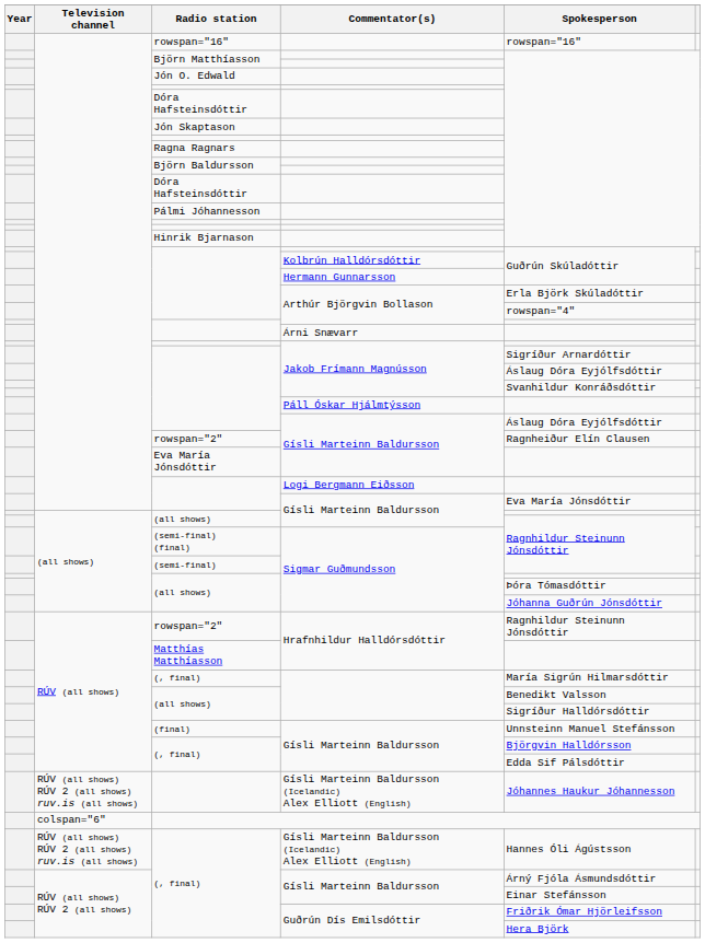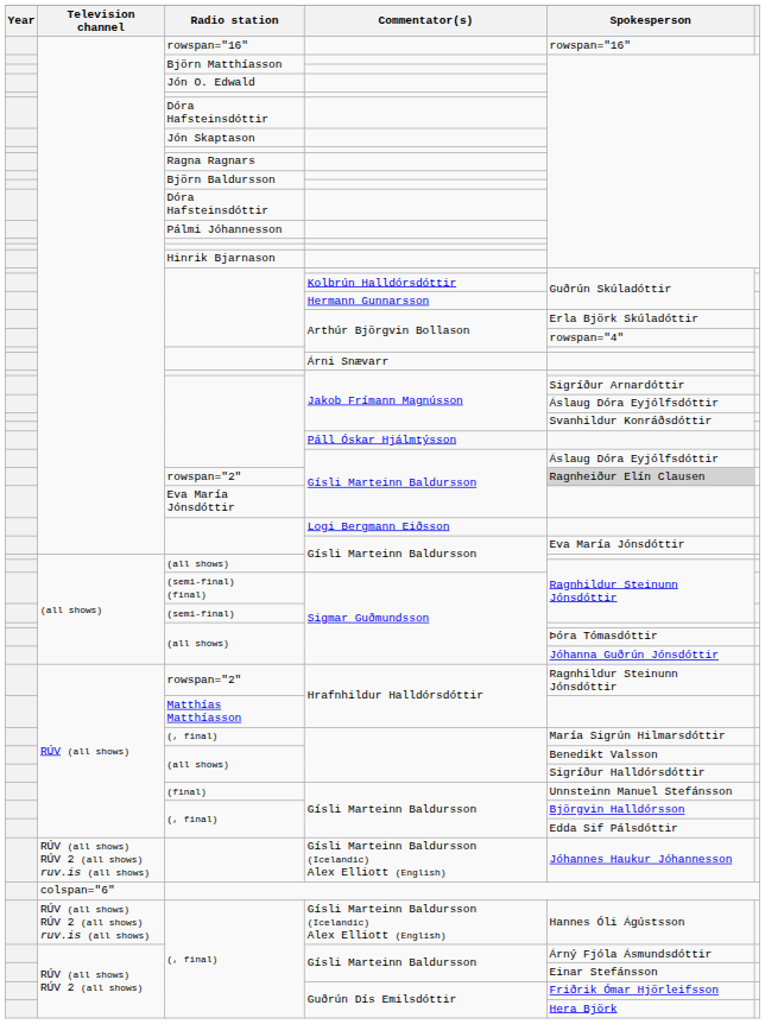 <table class="wikitable plainrowheaders sticky-header" text-align:left;">
 <tr>
 </tr>
 <tr>
 <th>Year</th>
 <th>Television channel</th>
 <th>Radio station</th>
 <th>Commentator(s)</th>
 <th>Spokesperson</th>
 <th></th>
 </tr>
 <tr>
 <th scope="row"></th>
 <td rowspan="34"></td>
 <td>rowspan="16" </td>
 <td></td>
 <td>rowspan="16" </td>
 <td style="text-align:center;"></td>
 </tr>
 <tr>
 <th scope="row"></th>
 <td rowspan="2">Björn Matthíasson</td>
 <td style="text-align:center;"></td>
 </tr>
 <tr>
 <th scope="row"></th>
 <td style="text-align:center;"></td>
 </tr>
 <tr>
 <th scope="row"></th>
 <td>Jón O. Edwald</td>
 <td style="text-align:center"></td>
 </tr>
 <tr>
 <th scope="row"></th>
 <td></td>
 <td style="text-align:center;"></td>
 </tr>
 <tr>
 <th scope="row"></th>
 <td>Dóra Hafsteinsdóttir</td>
 <td style="text-align:center;"></td>
 </tr>
 <tr>
 <th scope="row"></th>
 <td>Jón Skaptason</td>
 <td style="text-align:center;"></td>
 </tr>
 <tr>
 <th scope="row"></th>
 <td></td>
 <td style="text-align:center;"></td>
 </tr>
 <tr>
 <th scope="row"></th>
 <td>Ragna Ragnars</td>
 <td style="text-align:center;"></td>
 </tr>
 <tr>
 <th scope="row"></th>
 <td rowspan="2">Björn Baldursson</td>
 <td style="text-align:center;"></td>
 </tr>
 <tr>
 <th scope="row"></th>
 <td style="text-align:center;"></td>
 </tr>
 <tr>
 <th scope="row"></th>
 <td>Dóra Hafsteinsdóttir</td>
 <td style="text-align:center"></td>
 </tr>
 <tr>
 <th scope="row"></th>
 <td>Pálmi Jóhannesson</td>
 <td style="text-align:center"></td>
 </tr>
 <tr>
 <th scope="row"></th>
 <td></td>
 <td style="text-align:center;"></td>
 </tr>
 <tr>
 <th scope="row"></th>
 <td></td>
 <td style="text-align:center"></td>
 </tr>
 <tr>
 <th scope="row"></th>
 <td>Hinrik Bjarnason</td>
 <td style="text-align:center"></td>
 </tr>
 <tr>
 <th scope="row"></th>
 <td rowspan="5"></td>
 <td></td>
 <td rowspan="3">Guðrún Skúladóttir</td>
 <td style="text-align:center"></td>
 </tr>
 <tr>
 <th scope="row"></th>
 <td><a href='#'>Kolbrún Halldórsdóttir</a></td>
 <td style="text-align:center;"></td>
 </tr>
 <tr>
 <th scope="row"></th>
 <td><a href='#'>Hermann Gunnarsson</a></td>
 <td style="text-align:center"></td>
 </tr>
 <tr>
 <th scope="row"></th>
 <td rowspan="3">Arthúr Björgvin Bollason</td>
 <td>Erla Björk Skúladóttir</td>
 <td style="text-align:center;"></td>
 </tr>
 <tr>
 <th scope="row"></th>
 <td>rowspan="4" </td>
 <td style="text-align:center"></td>
 </tr>
 <tr>
 <th scope="row"></th>
 <td rowspan="2"></td>
 <td style="text-align:center"></td>
 </tr>
 <tr>
 <th scope="row"></th>
 <td>Árni Snævarr</td>
 <td style="text-align:center"></td>
 </tr>
 <tr>
 <th scope="row"></th>
 <td></td>
 <td rowspan="5"><a href='#'>Jakob Frímann Magnússon</a></td>
 <td style="text-align:center"></td>
 </tr>
 <tr>
 <th scope="row"></th>
 <td rowspan="6"></td>
 <td>Sigríður Arnardóttir</td>
 <td style="text-align:center"></td>
 </tr>
 <tr>
 <th scope="row"></th>
 <td>Áslaug Dóra Eyjólfsdóttir</td>
 <td style="text-align:center"></td>
 </tr>
 <tr>
 <th scope="row"></th>
 <td rowspan="2">Svanhildur Konráðsdóttir</td>
 <td style="text-align:center;"></td>
 </tr>
 <tr>
 <th scope="row"></th>
 <td style="text-align:center;"></td>
 </tr>
 <tr>
 <th scope="row"></th>
 <td><a href='#'>Páll Óskar Hjálmtýsson</a></td>
 <td></td>
 <td style="text-align:center;"></td>
 </tr>
 <tr>
 <th scope="row"></th>
 <td rowspan="3"><a href='#'>Gísli Marteinn Baldursson</a></td>
 <td>Áslaug Dóra Eyjólfsdóttir</td>
 <td style="text-align:center;"></td>
 </tr>
 <tr>
 <th scope="row"></th>
 <td>rowspan="2" </td>
-<td>Ragnheiður Elín Clausen</td>
+<td style="background: lightgrey;">Ragnheiður Elín Clausen</td>
 <td style="text-align:center;"></td>
 </tr>
 <tr>
 <th scope="row"></th>
 <td>Eva María Jónsdóttir</td>
 <td style="text-align:center;"></td>
 </tr>
 <tr>
 <th scope="row"></th>
 <td rowspan="2"></td>
 <td><a href='#'>Logi Bergmann Eiðsson</a></td>
 <td></td>
 <td style="text-align:center;"></td>
 </tr>
 <tr>
 <th scope="row"></th>
 <td rowspan="3">Gísli Marteinn Baldursson</td>
 <td>Eva María Jónsdóttir</td>
 <td style="text-align:center;"></td>
 </tr>
 <tr>
 <th scope="row"></th>
 <td rowspan="7"> <small>(all shows)</small></td>
 <td rowspan="2"> <small>(all shows)</small></td>
 <td></td>
 <td style="text-align:center;"></td>
 </tr>
 <tr>
 <th scope="row"></th>
 <td rowspan="3"><a href='#'>Ragnhildur Steinunn Jónsdóttir</a></td>
 <td style="text-align:center;"></td>
 </tr>
 <tr>
 <th scope="row"></th>
 <td> <small>(semi-final)</small><br> <small>(final)</small></td>
 <td rowspan="5"><a href='#'>Sigmar Guðmundsson</a></td>
 <td style="text-align:center;"></td>
 </tr>
 <tr>
 <th scope="row"></th>
 <td> <small>(semi-final)</small></td>
 <td style="text-align:center;"></td>
 </tr>
 <tr>
 <th scope="row"></th>
 <td rowspan="3"> <small>(all shows)</small></td>
 <td></td>
 <td style="text-align:center;"></td>
 </tr>
 <tr>
 <th scope="row"></th>
 <td>Þóra Tómasdóttir</td>
 <td style="text-align:center;"></td>
 </tr>
 <tr>
 <th scope="row"></th>
 <td><a href='#'>Jóhanna Guðrún Jónsdóttir</a></td>
 <td style="text-align:center;"></td>
 </tr>
 <tr>
 <th scope="row"></th>
 <td rowspan="8"><a href='#'>RÚV</a> <small>(all shows)</small></td>
 <td>rowspan="2" </td>
 <td rowspan="2">Hrafnhildur Halldórsdóttir</td>
 <td>Ragnhildur Steinunn Jónsdóttir</td>
 <td style="text-align:center;"></td>
 </tr>
 <tr>
 <th scope="row"></th>
 <td><a href='#'>Matthías Matthíasson</a></td>
 <td style="text-align:center;"></td>
 </tr>
 <tr>
 <th scope="row"></th>
 <td> <small>(, final)</small></td>
 <td rowspan="3"></td>
 <td>María Sigrún Hilmarsdóttir</td>
 <td style="text-align:center;"></td>
 </tr>
 <tr>
 <th scope="row"></th>
 <td rowspan="2"> <small>(all shows)</small></td>
 <td>Benedikt Valsson</td>
 <td style="text-align:center;"></td>
 </tr>
 <tr>
 <th scope="row"></th>
 <td>Sigríður Halldórsdóttir</td>
 <td style="text-align:center;"></td>
 </tr>
 <tr>
 <th scope="row"></th>
 <td> <small>(final)</small></td>
 <td rowspan="3">Gísli Marteinn Baldursson</td>
 <td>Unnsteinn Manuel Stefánsson</td>
 <td style="text-align:center;"></td>
 </tr>
 <tr>
 <th scope="row"></th>
 <td rowspan="2"> <small>(, final)</small></td>
 <td><a href='#'>Björgvin Halldórsson</a></td>
 <td style="text-align:center;"></td>
 </tr>
 <tr>
 <th scope="row"></th>
 <td>Edda Sif Pálsdóttir</td>
 <td style="text-align:center;"></td>
 </tr>
 <tr>
 <th scope="row"></th>
 <td>RÚV <small>(all shows)</small><br>RÚV 2 <small>(all shows)</small><br><em>ruv.is</em> <small>(all shows)</small></td>
 <td></td>
 <td>Gísli Marteinn Baldursson <small>(Icelandic)</small><br>Alex Elliott <small>(English)</small></td>
 <td><a href='#'>Jóhannes Haukur Jóhannesson</a></td>
 <td style="text-align:center;"></td>
 </tr>
 <tr>
 <th scope="row"></th>
 <td>colspan="6" </td>
 </tr>
 <tr>
 <th scope="row"></th>
 <td>RÚV <small>(all shows)</small><br>RÚV 2 <small>(all shows)</small><br><em>ruv.is</em> <small>(all shows)</small></td>
 <td rowspan="5"> <small>(, final)</small></td>
 <td>Gísli Marteinn Baldursson <small>(Icelandic)</small><br>Alex Elliott <small>(English)</small></td>
 <td>Hannes Óli Ágústsson</td>
 <td style="text-align:center;"></td>
 </tr>
 <tr>
 <th scope="row"></th>
 <td rowspan="4">RÚV <small>(all shows)</small><br>RÚV 2 <small>(all shows)</small></td>
 <td rowspan="2">Gísli Marteinn Baldursson</td>
 <td>Árný Fjóla Ásmundsdóttir</td>
 <td style="text-align:center;"></td>
 </tr>
 <tr>
 <th scope="row"></th>
 <td>Einar Stefánsson</td>
 <td style="text-align:center;"></td>
 </tr>
 <tr>
 <th scope="row"></th>
 <td rowspan="2">Guðrún Dís Emilsdóttir</td>
 <td><a href='#'>Friðrik Ómar Hjörleifsson</a></td>
 <td style="text-align:center;"></td>
 </tr>
 <tr>
 <th scope="row"></th>
 <td><a href='#'>Hera Björk</a></td>
 <td style="text-align:center;"></td>
 </tr>
 </table>
